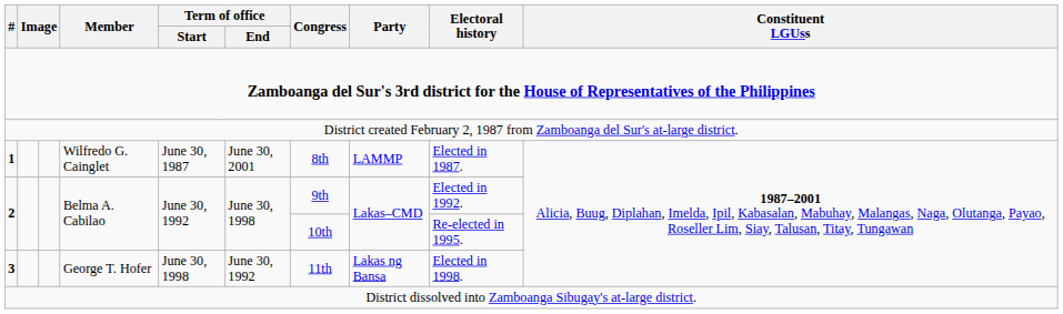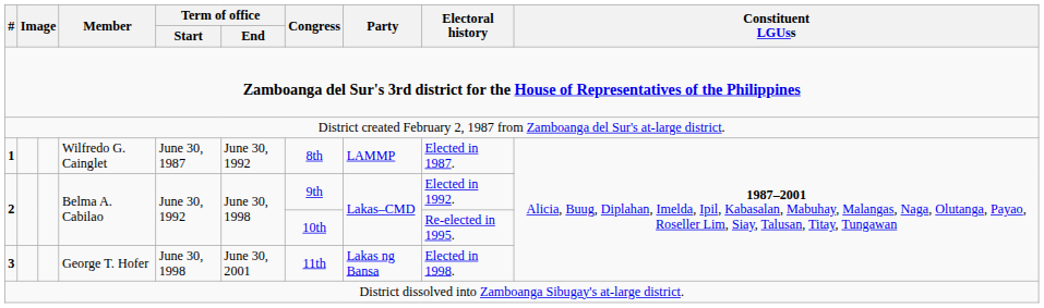 <table class=wikitable>
 <tr>
 <th rowspan="2">#</th>
 <th rowspan="2" colspan=2>Image</th>
 <th rowspan="2">Member</th>
 <th colspan=2>Term of office</th>
 <th rowspan="2">Congress</th>
 <th rowspan="2">Party</th>
 <th rowspan="2">Electoral history</th>
 <th rowspan="2">Constituent<br><a href='#'>LGUs</a>s</th>
 </tr>
 <tr>
 <th>Start</th>
 <th>End</th>
 </tr>
 <tr>
 <td colspan="10" style="text-align:center;"><br><h3>Zamboanga del Sur's 3rd district for the <a href='#'>House of Representatives of the Philippines</a></h3></td>
 </tr>
 <tr>
 <td colspan="10" style="text-align:center;">District created February 2, 1987 from <a href='#'>Zamboanga del Sur's at-large district</a>.</td>
 </tr>
 <tr>
 <td style="text-align:center;"><strong>1</strong></td>
 <td style="color:inherit;background:"></td>
 <td></td>
 <td>Wilfredo G. Cainglet</td>
 <td>June 30, 1987</td>
-<td>June 30, 2001</td>
+<td>June 30, 1992</td>
 <td style="text-align:center;"><a href='#'>8th</a></td>
 <td><a href='#'>LAMMP</a></td>
 <td><a href='#'>Elected in 1987</a>.</td>
 <td rowspan="4" style="text-align:center;"><strong>1987–2001</strong><br><a href='#'>Alicia</a>, <a href='#'>Buug</a>, <a href='#'>Diplahan</a>, <a href='#'>Imelda</a>, <a href='#'>Ipil</a>, <a href='#'>Kabasalan</a>, <a href='#'>Mabuhay</a>, <a href='#'>Malangas</a>, <a href='#'>Naga</a>, <a href='#'>Olutanga</a>, <a href='#'>Payao</a>, <a href='#'>Roseller Lim</a>, <a href='#'>Siay</a>, <a href='#'>Talusan</a>, <a href='#'>Titay</a>, <a href='#'>Tungawan</a></td>
 </tr>
 <tr>
 <td rowspan="2" style="text-align:center;"><strong>2</strong></td>
 <td rowspan="2" style="color:inherit;background:"></td>
 <td rowspan="2"></td>
 <td rowspan="2">Belma A. Cabilao</td>
 <td rowspan="2">June 30, 1992</td>
 <td rowspan="2">June 30, 1998</td>
 <td style="text-align:center;"><a href='#'>9th</a></td>
 <td rowspan="2"><a href='#'>Lakas–CMD</a></td>
 <td><a href='#'>Elected in 1992</a>.</td>
 </tr>
 <tr>
 <td style="text-align:center;"><a href='#'>10th</a></td>
 <td><a href='#'>Re-elected in 1995</a>.</td>
 </tr>
 <tr>
 <td style="text-align:center;"><strong>3</strong></td>
 <td style="color:inherit;background:"></td>
 <td></td>
 <td>George T. Hofer</td>
 <td>June 30, 1998</td>
-<td>June 30, 1992</td>
+<td>June 30, 2001</td>
 <td style="text-align:center;"><a href='#'>11th</a></td>
 <td><a href='#'>Lakas ng Bansa</a></td>
 <td><a href='#'>Elected in 1998</a>.</td>
 </tr>
 <tr>
 <td colspan="10" style="text-align:center;">District dissolved into <a href='#'>Zamboanga Sibugay's at-large district</a>.</td>
 </tr>
 </table>
